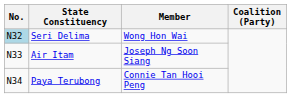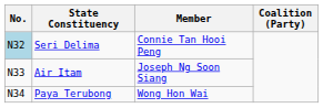 <table class="wikitable">
 <tr>
 <th width="30">No.</th>
 <th width="130">State Constituency</th>
 <th width="150">Member</th>
 <th width="80">Coalition (Party)</th>
 </tr>
 <tr>
 <td style="background: lightblue;">N32</td>
 <td><a href='#'>Seri Delima</a></td>
-<td><a href='#'>Wong Hon Wai</a></td>
+<td><a href='#'>Connie Tan Hooi Peng</a></td>
 <td rowspan=3></td>
 </tr>
 <tr>
 <td>N33</td>
 <td><a href='#'>Air Itam</a></td>
 <td><a href='#'>Joseph Ng Soon Siang</a></td>
 </tr>
 <tr>
 <td>N34</td>
 <td><a href='#'>Paya Terubong</a></td>
-<td><a href='#'>Connie Tan Hooi Peng</a></td>
+<td><a href='#'>Wong Hon Wai</a></td>
 </tr>
 </table>
